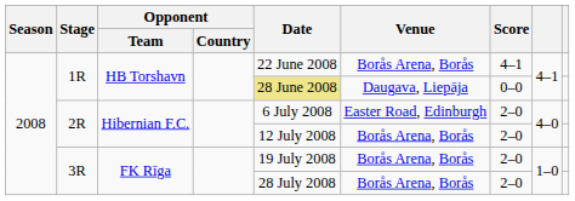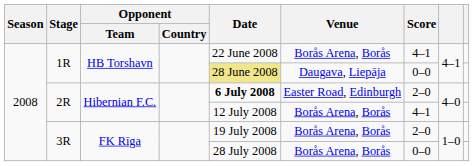 <table class="wikitable plainrowheaders" style="text-align: center">
 <tr>
 <th rowspan=2>Season</th>
 <th rowspan=2>Stage</th>
 <th scope="col" colspan=2>Opponent</th>
 <th scope="col" rowspan=2>Date</th>
 <th scope="col" rowspan=2>Venue</th>
 <th scope="col" rowspan=2>Score</th>
 <th scope="col" rowspan=2></th>
 <th scope="col" rowspan=2></th>
 </tr>
 <tr>
 <th scope="col">Team</th>
 <th scope="col">Country</th>
 </tr>
 <tr>
 <td rowspan=6>2008</td>
 <td rowspan=2>1R</td>
 <td rowspan=2><a href='#'>HB Torshavn</a></td>
 <td rowspan=2></td>
 <td>22 June 2008</td>
 <td><a href='#'>Borås Arena</a>, <a href='#'>Borås</a></td>
 <td>4–1</td>
 <td rowspan=2>4–1</td>
 <td></td>
 </tr>
 <tr>
 <td style="background: khaki;">28 June 2008</td>
 <td><a href='#'>Daugava</a>, <a href='#'>Liepāja</a></td>
 <td>0–0</td>
 <td></td>
 </tr>
 <tr>
 <td rowspan=2>2R</td>
 <td rowspan=2><a href='#'>Hibernian F.C.</a></td>
 <td rowspan=2></td>
-<td>6 July 2008</td>
+<td><strong>6 July 2008</strong></td>
 <td><a href='#'>Easter Road</a>, <a href='#'>Edinburgh</a></td>
 <td>2–0</td>
 <td rowspan=2>4–0</td>
 <td></td>
 </tr>
 <tr>
 <td>12 July 2008</td>
 <td><a href='#'>Borås Arena</a>, <a href='#'>Borås</a></td>
-<td>2–0</td>
+<td>4–1</td>
 <td></td>
 </tr>
 <tr>
 <td rowspan=2>3R</td>
 <td rowspan=2><a href='#'>FK Rīga</a></td>
 <td rowspan=2></td>
 <td>19 July 2008</td>
 <td><a href='#'>Borås Arena</a>, <a href='#'>Borås</a></td>
 <td>2–0</td>
 <td rowspan=2>1–0</td>
 <td></td>
 </tr>
 <tr>
 <td>28 July 2008</td>
 <td><a href='#'>Borås Arena</a>, <a href='#'>Borås</a></td>
-<td>2–0</td>
+<td>0–0</td>
 <td></td>
 </tr>
 </table>
